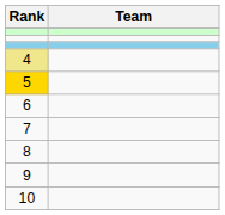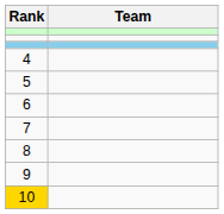 <table class="wikitable" style="text-align:center;">
 <tr>
 <th width=40>Rank</th>
 <th width=180>Team</th>
 </tr>
 <tr bgcolor=#ccffcc>
 <td></td>
 <td style="text-align:left;"></td>
 </tr>
 <tr>
 <td></td>
 <td style="text-align:left;"></td>
 </tr>
 <tr bgcolor=#87ceeb>
 <td></td>
 <td style="text-align:left;"></td>
 </tr>
 <tr>
-<td style="background: khaki;">4</td>
+<td>4</td>
 <td style="text-align:left;"></td>
 </tr>
 <tr>
-<td style="background: gold;">5</td>
+<td>5</td>
 <td style="text-align:left;"></td>
 </tr>
 <tr>
 <td>6</td>
 <td style="text-align:left;"></td>
 </tr>
 <tr>
 <td>7</td>
 <td style="text-align:left;"></td>
 </tr>
 <tr>
 <td>8</td>
 <td style="text-align:left;"></td>
 </tr>
 <tr>
 <td>9</td>
 <td style="text-align:left;"></td>
 </tr>
 <tr>
-<td>10</td>
+<td style="background: gold;">10</td>
 <td style="text-align:left;"></td>
 </tr>
 </table>
